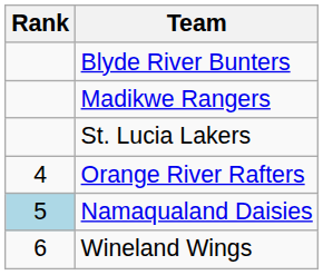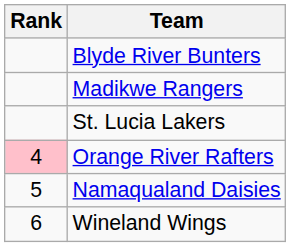 <table class="wikitable">
 <tr>
 <th style="width: 40px;">Rank</th>
 <th>Team</th>
 </tr>
 <tr>
 <td style="text-align: center;"></td>
 <td> <a href='#'>Blyde River Bunters</a></td>
 </tr>
 <tr>
 <td style="text-align: center;"></td>
 <td><a href='#'>Madikwe Rangers</a></td>
 </tr>
 <tr>
 <td style="text-align: center;"></td>
 <td> St. Lucia Lakers</td>
 </tr>
 <tr>
-<td style="text-align: center;">4</td>
+<td style="background: pink; text-align: center;">4</td>
 <td> <a href='#'>Orange River Rafters</a></td>
 </tr>
 <tr>
-<td style="background: lightblue; text-align: center;">5</td>
+<td style="text-align: center;">5</td>
 <td> <a href='#'>Namaqualand Daisies</a></td>
 </tr>
 <tr>
 <td style="text-align: center;">6</td>
 <td> Wineland Wings</td>
 </tr>
 </table>
